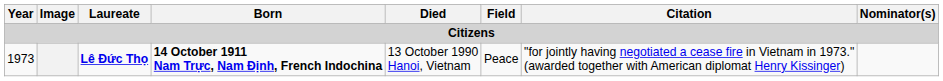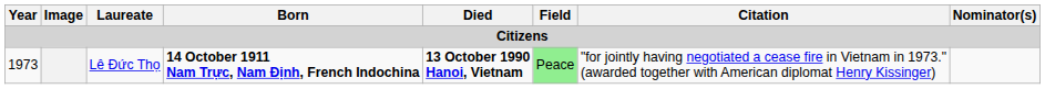 <table class="wikitable sortable">
 <tr>
 <th>Year</th>
 <th class="unportable">Image</th>
 <th>Laureate</th>
 <th>Born</th>
 <th>Died</th>
 <th>Field</th>
 <th>Citation</th>
 <th>Nominator(s)</th>
 </tr>
 <tr>
 <td colspan=8 align=center style="background:lightgray;white-space:nowrap"><strong>Citizens</strong></td>
 </tr>
 <tr>
 <td style="text-align:center;">1973</td>
 <th scope="row"></th>
-<td><strong><a href='#'>Lê Đức Thọ</a></strong></td>
+<td><a href='#'>Lê Đức Thọ</a></td>
 <td><strong>14 October 1911 <br><a href='#'>Nam Trực</a>, <a href='#'>Nam Định</a>, French Indochina</strong></td>
-<td>13 October 1990 <br><a href='#'>Hanoi</a>, Vietnam</td>
-<td>Peace</td>
+<td><strong>13 October 1990 <br><a href='#'>Hanoi</a>, Vietnam</strong></td>
+<td style="background: lightgreen;">Peace</td>
 <td>"for jointly having <a href='#'>negotiated a cease fire</a> in Vietnam in 1973."<br><span>(awarded together with American diplomat <a href='#'>Henry Kissinger</a>)</span></td>
 <td></td>
 </tr>
 </table>
